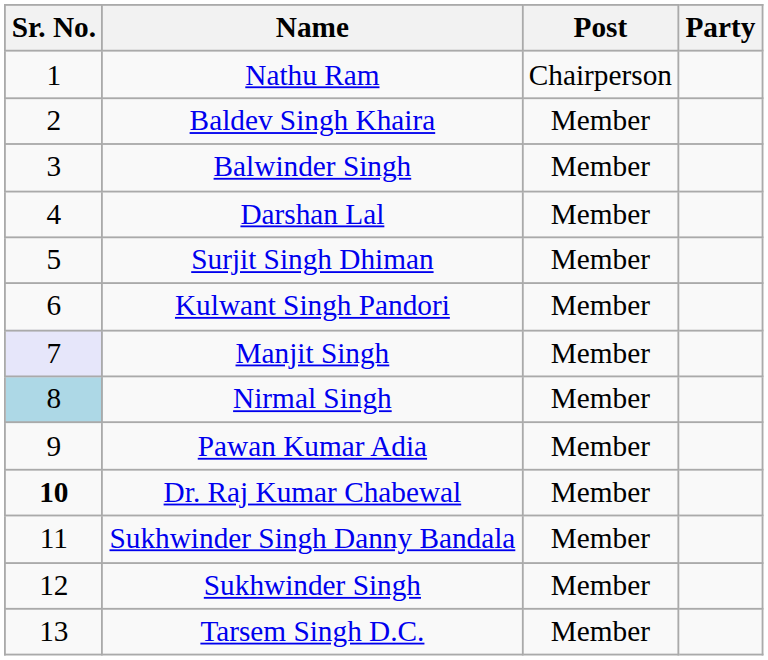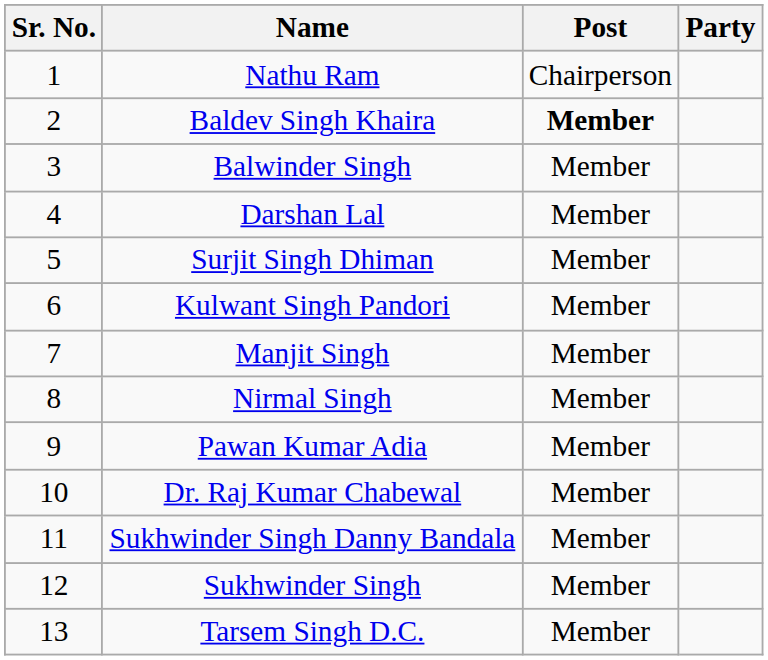 <table class="wikitable">
 <tr>
 <th>Sr. No.</th>
 <th>Name</th>
 <th>Post</th>
 <th colspan="2">Party</th>
 </tr>
 <tr align="center">
 <td>1</td>
 <td><a href='#'>Nathu Ram</a></td>
 <td>Chairperson</td>
 <td></td>
 </tr>
 <tr align="center">
 <td>2</td>
 <td><a href='#'>Baldev Singh Khaira</a></td>
-<td>Member</td>
+<td><strong>Member</strong></td>
 <td></td>
 </tr>
 <tr align="center">
 <td>3</td>
 <td><a href='#'>Balwinder Singh</a></td>
 <td>Member</td>
 <td></td>
 </tr>
 <tr align="center">
 <td>4</td>
 <td><a href='#'>Darshan Lal</a></td>
 <td>Member</td>
 <td></td>
 </tr>
 <tr align="center">
 <td>5</td>
 <td><a href='#'>Surjit Singh Dhiman</a></td>
 <td>Member</td>
 <td></td>
 </tr>
 <tr align="center">
 <td>6</td>
 <td><a href='#'>Kulwant Singh Pandori</a></td>
 <td>Member</td>
 <td></td>
 </tr>
 <tr align="center">
-<td style="background: lavender;">7</td>
+<td>7</td>
 <td><a href='#'>Manjit Singh</a></td>
 <td>Member</td>
 <td></td>
 </tr>
 <tr align="center">
-<td style="background: lightblue;">8</td>
+<td>8</td>
 <td><a href='#'>Nirmal Singh</a></td>
 <td>Member</td>
 <td></td>
 </tr>
 <tr align="center">
 <td>9</td>
 <td><a href='#'>Pawan Kumar Adia</a></td>
 <td>Member</td>
 <td></td>
 </tr>
 <tr align="center">
-<td><strong>10</strong></td>
+<td>10</td>
 <td><a href='#'>Dr. Raj Kumar Chabewal</a></td>
 <td>Member</td>
 <td></td>
 </tr>
 <tr align="center">
 <td>11</td>
 <td><a href='#'>Sukhwinder Singh Danny Bandala</a></td>
 <td>Member</td>
 <td></td>
 </tr>
 <tr align="center">
 <td>12</td>
 <td><a href='#'>Sukhwinder Singh</a></td>
 <td>Member</td>
 <td></td>
 </tr>
 <tr align="center">
 <td>13</td>
 <td><a href='#'>Tarsem Singh D.C.</a></td>
 <td>Member</td>
 <td></td>
 </tr>
 </table>
